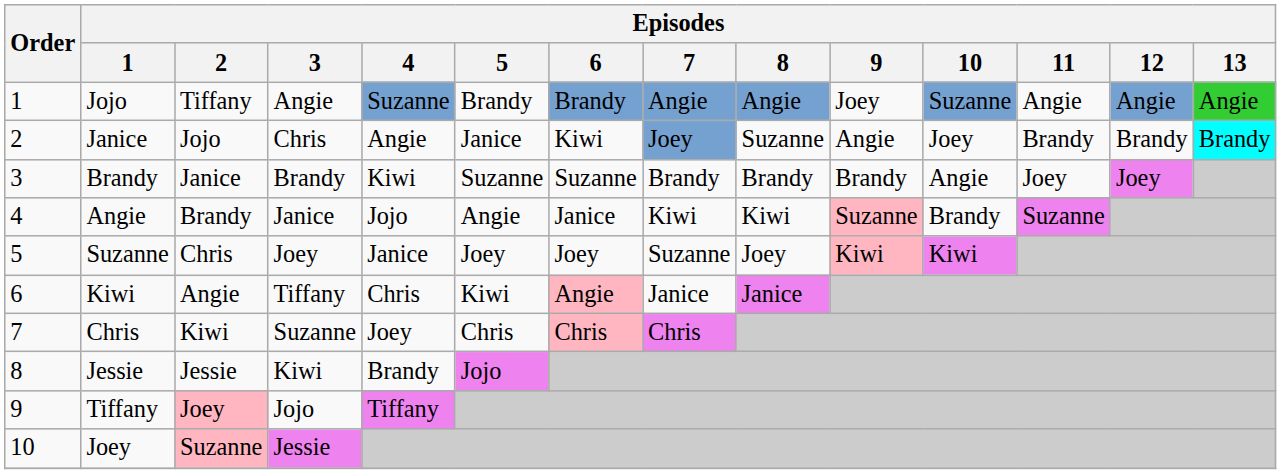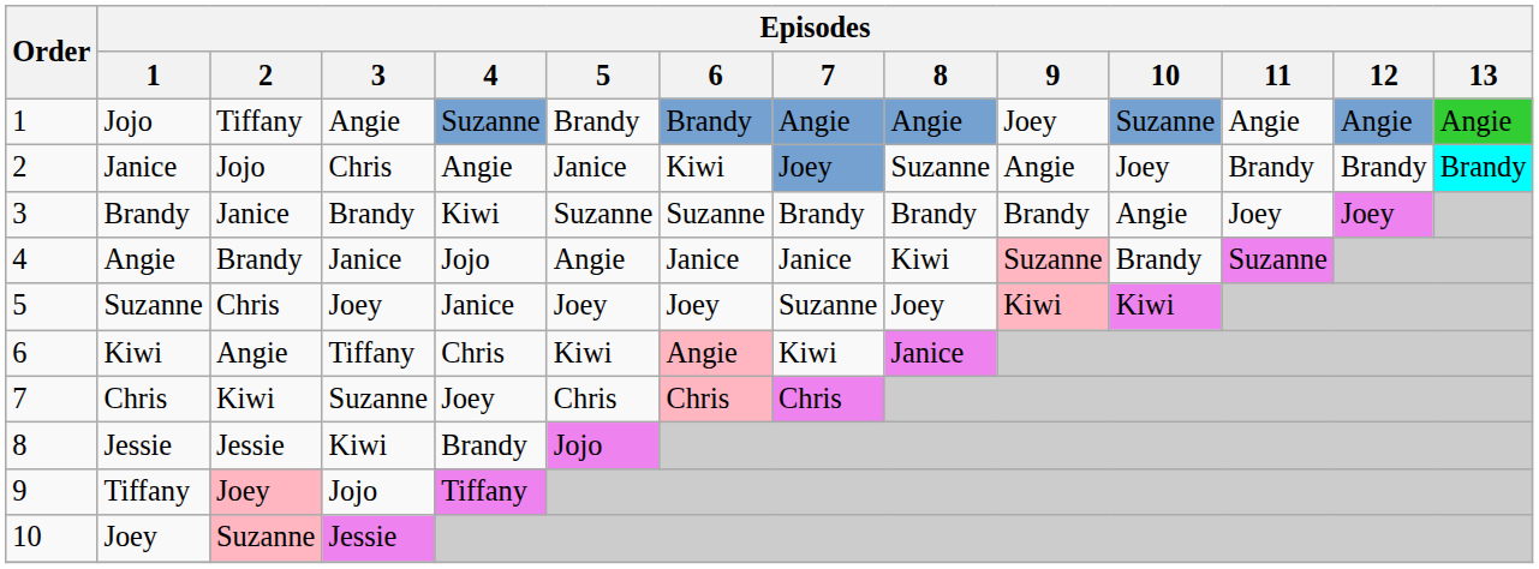 <table class="wikitable">
 <tr>
 <th rowspan=2>Order</th>
 <th colspan=13>Episodes</th>
 </tr>
 <tr>
 <th>1</th>
 <th>2</th>
 <th>3</th>
 <th>4</th>
 <th>5</th>
 <th>6</th>
 <th>7</th>
 <th>8</th>
 <th>9</th>
 <th>10</th>
 <th>11</th>
 <th>12</th>
 <th>13</th>
 </tr>
 <tr>
 <td>1</td>
 <td>Jojo</td>
 <td>Tiffany</td>
 <td>Angie</td>
 <td style="background-color:#75A1D0;">Suzanne</td>
 <td>Brandy</td>
 <td style="background-color:#75A1D0;">Brandy</td>
 <td style="background-color:#75A1D0;">Angie</td>
 <td style="background-color:#75A1D0;">Angie</td>
 <td>Joey</td>
 <td style="background-color:#75A1D0;">Suzanne</td>
 <td>Angie</td>
 <td style="background-color:#75A1D0;">Angie</td>
 <td style="background-color:limegreen;">Angie</td>
 </tr>
 <tr>
 <td>2</td>
 <td>Janice</td>
 <td>Jojo</td>
 <td>Chris</td>
 <td>Angie</td>
 <td>Janice</td>
 <td>Kiwi</td>
 <td style="background-color:#75A1D0;">Joey</td>
 <td>Suzanne</td>
 <td>Angie</td>
 <td>Joey</td>
 <td>Brandy</td>
 <td>Brandy</td>
 <td style="background-color:cyan;">Brandy</td>
 </tr>
 <tr>
 <td>3</td>
 <td>Brandy</td>
 <td>Janice</td>
 <td>Brandy</td>
 <td>Kiwi</td>
 <td>Suzanne</td>
 <td>Suzanne</td>
 <td>Brandy</td>
 <td>Brandy</td>
 <td>Brandy</td>
 <td>Angie</td>
 <td>Joey</td>
 <td style="background-color:violet;">Joey</td>
 <td style="background:#CCCCCC;" colspan="2"></td>
 </tr>
 <tr>
 <td>4</td>
 <td>Angie</td>
 <td>Brandy</td>
 <td>Janice</td>
 <td>Jojo</td>
 <td>Angie</td>
 <td>Janice</td>
-<td>Kiwi</td>
+<td>Janice</td>
 <td>Kiwi</td>
 <td bgcolor="lightpink">Suzanne</td>
 <td>Brandy</td>
 <td style="background-color:violet;">Suzanne</td>
 <td style="background:#CCCCCC;" colspan="3"></td>
 </tr>
 <tr>
 <td>5</td>
 <td>Suzanne</td>
 <td>Chris</td>
 <td>Joey</td>
 <td>Janice</td>
 <td>Joey</td>
 <td>Joey</td>
 <td>Suzanne</td>
 <td>Joey</td>
 <td bgcolor="lightpink">Kiwi</td>
 <td style="background-color:violet;">Kiwi</td>
 <td style="background:#CCCCCC;" colspan="3"></td>
 </tr>
 <tr>
 <td>6</td>
 <td>Kiwi</td>
 <td>Angie</td>
 <td>Tiffany</td>
 <td>Chris</td>
 <td>Kiwi</td>
 <td bgcolor="lightpink">Angie</td>
-<td>Janice</td>
+<td>Kiwi</td>
 <td style="background-color:violet;">Janice</td>
 <td style="background:#CCCCCC;" colspan="5"></td>
 </tr>
 <tr>
 <td>7</td>
 <td>Chris</td>
 <td>Kiwi</td>
 <td>Suzanne</td>
 <td>Joey</td>
 <td>Chris</td>
 <td bgcolor="lightpink">Chris</td>
 <td style="background-color:violet;">Chris</td>
 <td style="background:#CCCCCC;" colspan="6"></td>
 </tr>
 <tr>
 <td>8</td>
 <td>Jessie</td>
 <td>Jessie</td>
 <td>Kiwi</td>
 <td>Brandy</td>
 <td style="background-color:violet;">Jojo</td>
 <td style="background:#CCCCCC;" colspan="8"></td>
 </tr>
 <tr>
 <td>9</td>
 <td>Tiffany</td>
 <td bgcolor="lightpink">Joey</td>
 <td>Jojo</td>
 <td style="background-color:violet;">Tiffany</td>
 <td style="background:#CCCCCC;" colspan="9"></td>
 </tr>
 <tr>
 <td>10</td>
 <td>Joey</td>
 <td bgcolor="lightpink">Suzanne</td>
 <td style="background-color:violet;">Jessie</td>
 <td style="background:#CCCCCC;" colspan="10"></td>
 </tr>
 <tr>
 </tr>
 </table>
